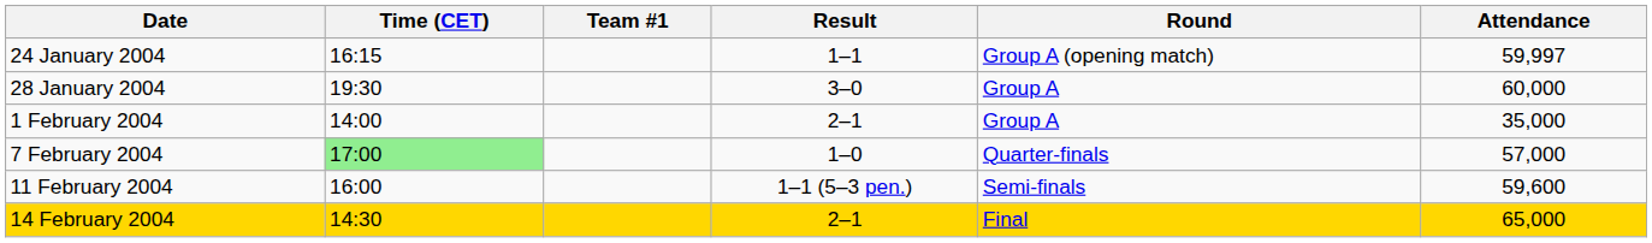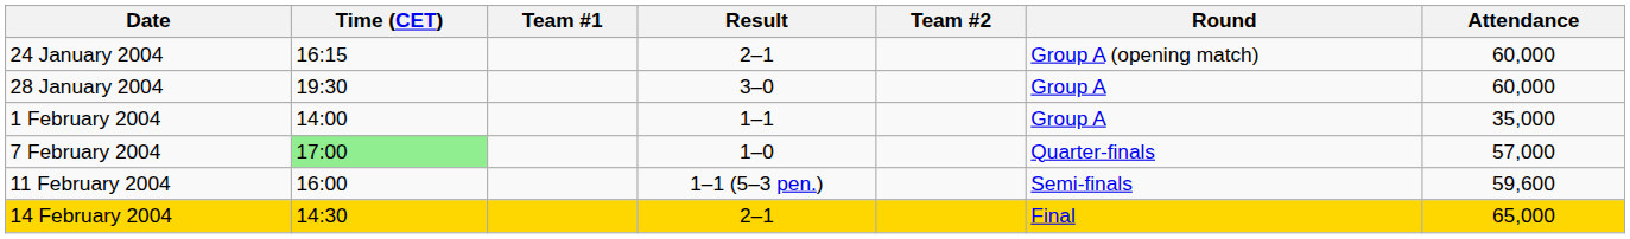 <table class="wikitable" width="100%">
 <tr>
 <th>Date</th>
 <th>Time (<a href='#'>CET</a>)</th>
 <th>Team #1</th>
 <th>Result</th>
+<th>Team #2</th>
 <th>Round</th>
 <th>Attendance</th>
 </tr>
 <tr>
 <td>24 January 2004</td>
 <td>16:15</td>
 <td align="right"></td>
-<td style="text-align:center;">1–1</td>
+<td style="text-align:center;">2–1</td>
+<td></td>
 <td><a href='#'>Group A</a> (opening match)</td>
-<td style="text-align:center;">59,997</td>
+<td style="text-align:center;">60,000</td>
 </tr>
 <tr>
 <td>28 January 2004</td>
 <td>19:30</td>
 <td align="right"></td>
 <td style="text-align:center;">3–0</td>
+<td></td>
 <td><a href='#'>Group A</a></td>
 <td style="text-align:center;">60,000</td>
 </tr>
 <tr>
 <td>1 February 2004</td>
 <td>14:00</td>
 <td align="right"></td>
-<td style="text-align:center;">2–1</td>
+<td style="text-align:center;">1–1</td>
+<td></td>
 <td><a href='#'>Group A</a></td>
 <td style="text-align:center;">35,000</td>
 </tr>
 <tr>
 <td>7 February 2004</td>
 <td style="background: lightgreen;">17:00</td>
 <td align="right"></td>
 <td style="text-align:center;">1–0</td>
+<td></td>
 <td><a href='#'>Quarter-finals</a></td>
 <td style="text-align:center;">57,000</td>
 </tr>
 <tr>
 <td>11 February 2004</td>
 <td>16:00</td>
 <td align="right"></td>
 <td style="text-align:center;">1–1 (5–3 <a href='#'>pen.</a>)</td>
+<td></td>
 <td><a href='#'>Semi-finals</a></td>
 <td style="text-align:center;">59,600</td>
 </tr>
 <tr style="background:gold;">
 <td>14 February 2004</td>
 <td>14:30</td>
 <td align="right"></td>
 <td style="text-align:center;">2–1</td>
+<td></td>
 <td><a href='#'>Final</a></td>
 <td style="text-align:center;">65,000</td>
 </tr>
 </table>
